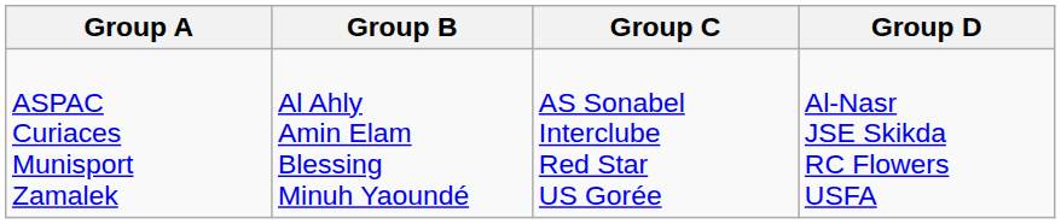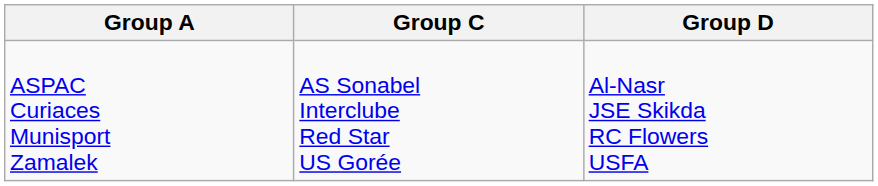 <table class="wikitable">
 <tr>
 <th width=195px>Group A</th>
-<th width=195px>Group B</th>
 <th width=195px>Group C</th>
 <th width=195px>Group D</th>
 </tr>
 <tr>
 <td valign=top><br> <a href='#'>ASPAC</a><br>  <a href='#'>Curiaces</a><br>  <a href='#'>Munisport</a><br>  <a href='#'>Zamalek</a></td>
-<td valign=top><br> <a href='#'>Al Ahly</a><br>  <a href='#'>Amin Elam</a><br>  <a href='#'>Blessing</a><br>  <a href='#'>Minuh Yaoundé</a></td>
 <td valign=top><br> <a href='#'>AS Sonabel</a><br>  <a href='#'>Interclube</a><br>  <a href='#'>Red Star</a><br>  <a href='#'>US Gorée</a></td>
 <td valign=top><br> <a href='#'>Al-Nasr</a><br>  <a href='#'>JSE Skikda</a><br>  <a href='#'>RC Flowers</a><br>  <a href='#'>USFA</a></td>
 </tr>
 </table>
